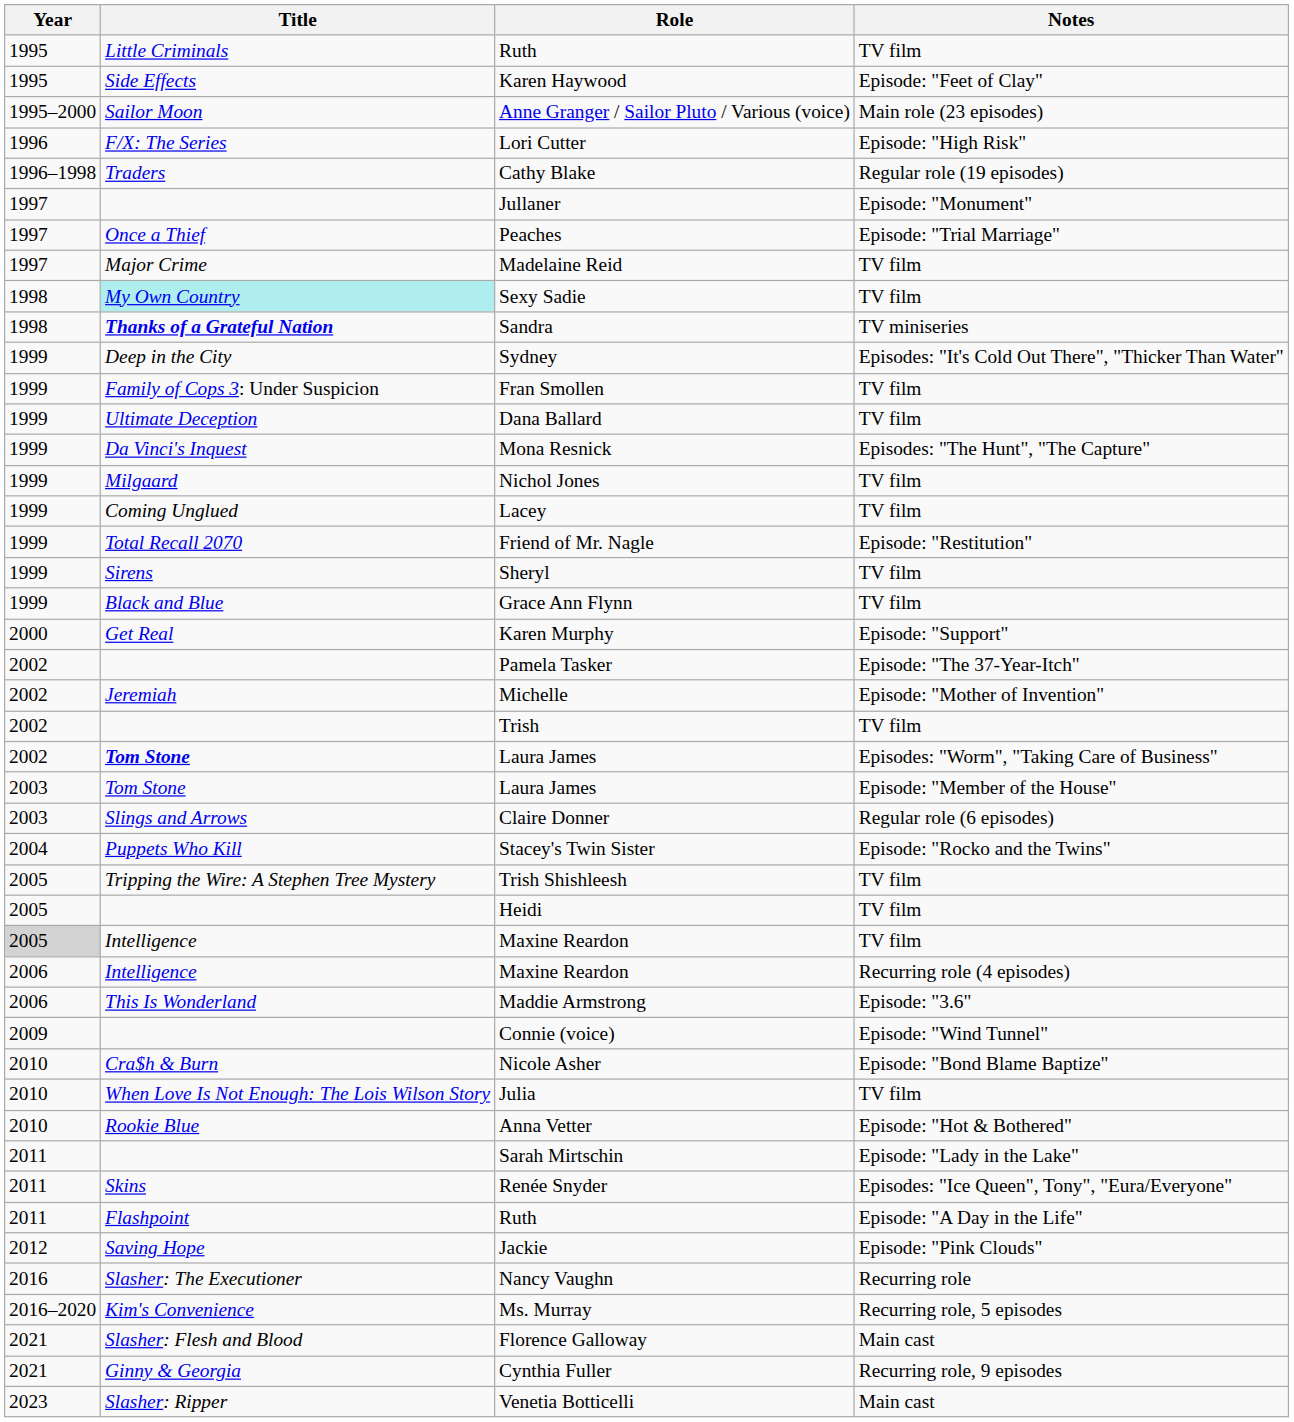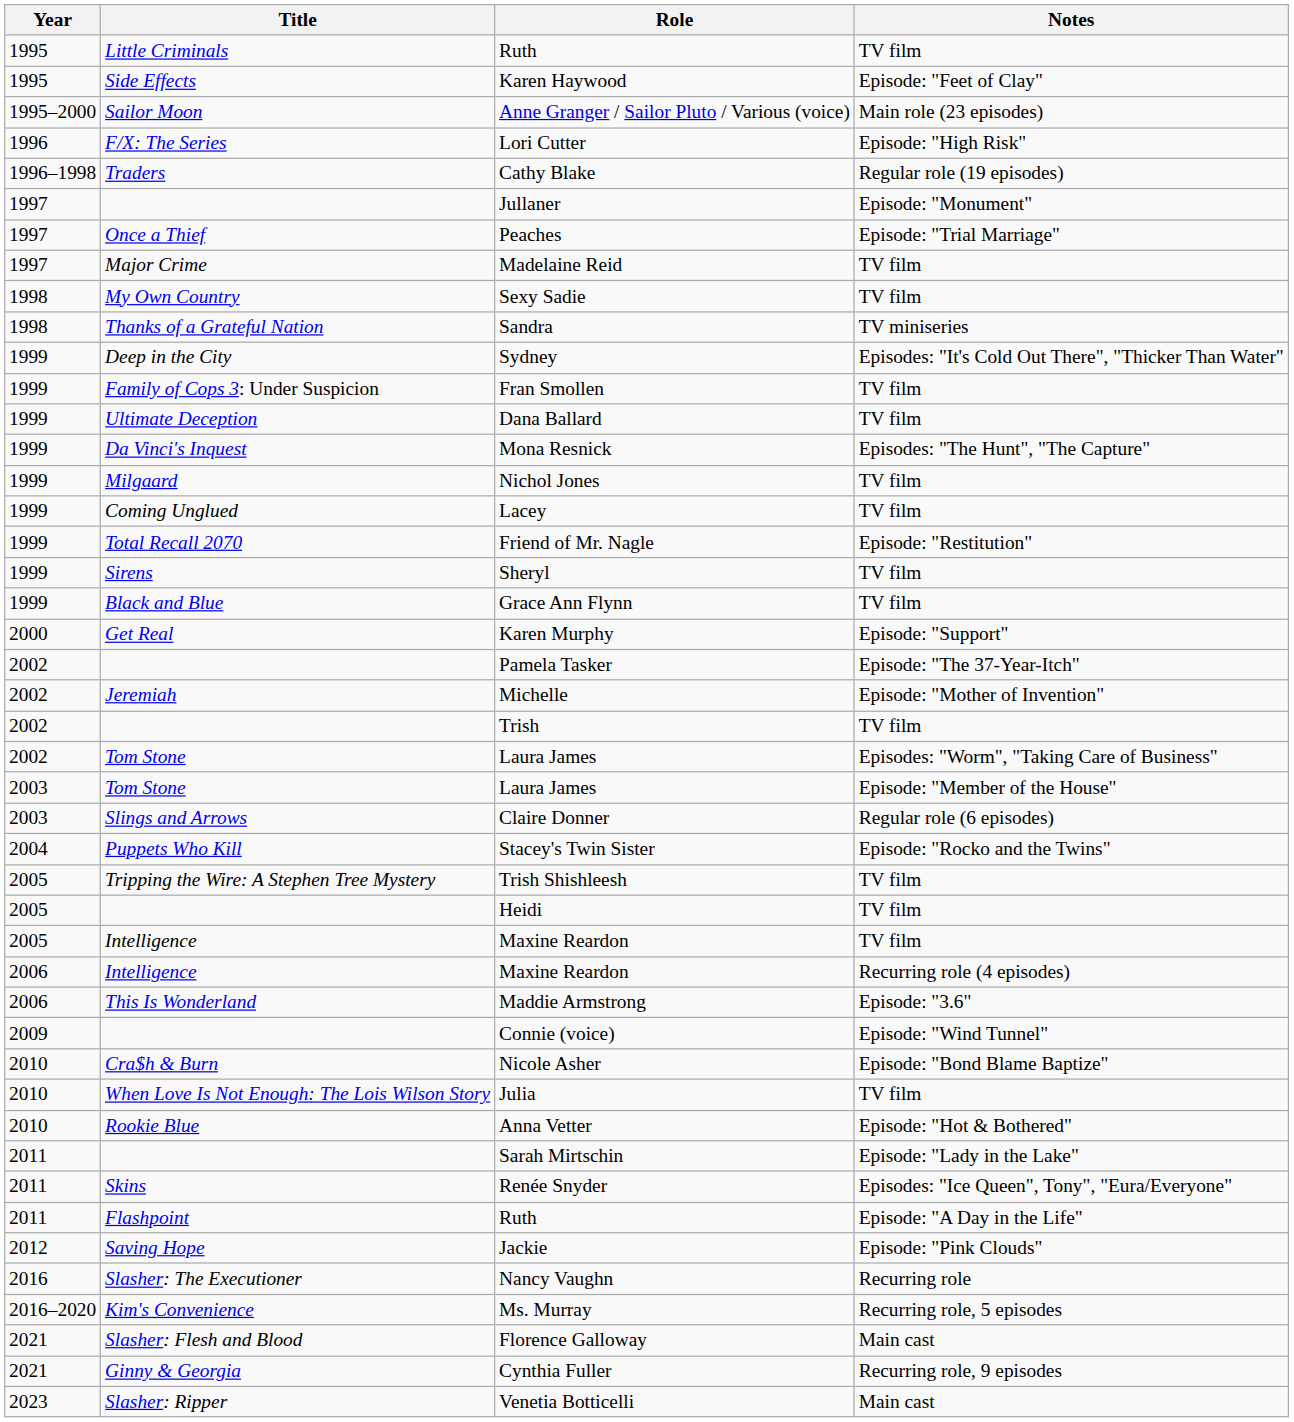 <table class="wikitable sortable">
 <tr>
 <th>Year</th>
 <th>Title</th>
 <th>Role</th>
 <th class="unsortable">Notes</th>
 </tr>
 <tr>
 <td>1995</td>
 <td><em><a href='#'>Little Criminals</a></em></td>
 <td>Ruth</td>
 <td>TV film</td>
 </tr>
 <tr>
 <td>1995</td>
 <td><em><a href='#'>Side Effects</a></em></td>
 <td>Karen Haywood</td>
 <td>Episode: "Feet of Clay"</td>
 </tr>
 <tr>
 <td>1995–2000</td>
 <td><em><a href='#'>Sailor Moon</a></em></td>
 <td><a href='#'>Anne Granger</a> / <a href='#'>Sailor Pluto</a> / Various (voice)</td>
 <td>Main role (23 episodes)</td>
 </tr>
 <tr>
 <td>1996</td>
 <td><em><a href='#'>F/X: The Series</a></em></td>
 <td>Lori Cutter</td>
 <td>Episode: "High Risk"</td>
 </tr>
 <tr>
 <td>1996–1998</td>
 <td><em><a href='#'>Traders</a></em></td>
 <td>Cathy Blake</td>
 <td>Regular role (19 episodes)</td>
 </tr>
 <tr>
 <td>1997</td>
 <td><em></em></td>
 <td>Jullaner</td>
 <td>Episode: "Monument"</td>
 </tr>
 <tr>
 <td>1997</td>
 <td><em><a href='#'>Once a Thief</a></em></td>
 <td>Peaches</td>
 <td>Episode: "Trial Marriage"</td>
 </tr>
 <tr>
 <td>1997</td>
 <td><em>Major Crime</em></td>
 <td>Madelaine Reid</td>
 <td>TV film</td>
 </tr>
 <tr>
 <td>1998</td>
-<td style="background: paleturquoise;"><em><a href='#'>My Own Country</a></em></td>
+<td><em><a href='#'>My Own Country</a></em></td>
 <td>Sexy Sadie</td>
 <td>TV film</td>
 </tr>
 <tr>
 <td>1998</td>
-<td><strong><em><a href='#'>Thanks of a Grateful Nation</a></em></strong></td>
+<td><em><a href='#'>Thanks of a Grateful Nation</a></em></td>
 <td>Sandra</td>
 <td>TV miniseries</td>
 </tr>
 <tr>
 <td>1999</td>
 <td><em>Deep in the City</em></td>
 <td>Sydney</td>
 <td>Episodes: "It's Cold Out There", "Thicker Than Water"</td>
 </tr>
 <tr>
 <td>1999</td>
 <td><em><a href='#'>Family of Cops 3</a></em>: Under Suspicion</td>
 <td>Fran Smollen</td>
 <td>TV film</td>
 </tr>
 <tr>
 <td>1999</td>
 <td><em><a href='#'>Ultimate Deception</a></em></td>
 <td>Dana Ballard</td>
 <td>TV film</td>
 </tr>
 <tr>
 <td>1999</td>
 <td><em><a href='#'>Da Vinci's Inquest</a></em></td>
 <td>Mona Resnick</td>
 <td>Episodes: "The Hunt", "The Capture"</td>
 </tr>
 <tr>
 <td>1999</td>
 <td><em><a href='#'>Milgaard</a></em></td>
 <td>Nichol Jones</td>
 <td>TV film</td>
 </tr>
 <tr>
 <td>1999</td>
 <td><em>Coming Unglued</em></td>
 <td>Lacey</td>
 <td>TV film</td>
 </tr>
 <tr>
 <td>1999</td>
 <td><em><a href='#'>Total Recall 2070</a></em></td>
 <td>Friend of Mr. Nagle</td>
 <td>Episode: "Restitution"</td>
 </tr>
 <tr>
 <td>1999</td>
 <td><em><a href='#'>Sirens</a></em></td>
 <td>Sheryl</td>
 <td>TV film</td>
 </tr>
 <tr>
 <td>1999</td>
 <td><em><a href='#'>Black and Blue</a></em></td>
 <td>Grace Ann Flynn</td>
 <td>TV film</td>
 </tr>
 <tr>
 <td>2000</td>
 <td><em><a href='#'>Get Real</a></em></td>
 <td>Karen Murphy</td>
 <td>Episode: "Support"</td>
 </tr>
 <tr>
 <td>2002</td>
 <td><em></em></td>
 <td>Pamela Tasker</td>
 <td>Episode: "The 37-Year-Itch"</td>
 </tr>
 <tr>
 <td>2002</td>
 <td><em><a href='#'>Jeremiah</a></em></td>
 <td>Michelle</td>
 <td>Episode: "Mother of Invention"</td>
 </tr>
 <tr>
 <td>2002</td>
 <td><em></em></td>
 <td>Trish</td>
 <td>TV film</td>
 </tr>
 <tr>
 <td>2002</td>
-<td><strong><em><a href='#'>Tom Stone</a></em></strong></td>
+<td><em><a href='#'>Tom Stone</a></em></td>
 <td>Laura James</td>
 <td>Episodes: "Worm", "Taking Care of Business"</td>
 </tr>
 <tr>
 <td>2003</td>
 <td><em><a href='#'>Tom Stone</a></em></td>
 <td>Laura James</td>
 <td>Episode: "Member of the House"</td>
 </tr>
 <tr>
 <td>2003</td>
 <td><em><a href='#'>Slings and Arrows</a></em></td>
 <td>Claire Donner</td>
 <td>Regular role (6 episodes)</td>
 </tr>
 <tr>
 <td>2004</td>
 <td><em><a href='#'>Puppets Who Kill</a></em></td>
 <td>Stacey's Twin Sister</td>
 <td>Episode: "Rocko and the Twins"</td>
 </tr>
 <tr>
 <td>2005</td>
 <td><em>Tripping the Wire: A Stephen Tree Mystery</em></td>
 <td>Trish Shishleesh</td>
 <td>TV film</td>
 </tr>
 <tr>
 <td>2005</td>
 <td><em></em></td>
 <td>Heidi</td>
 <td>TV film</td>
 </tr>
 <tr>
-<td style="background: lightgrey;">2005</td>
+<td>2005</td>
 <td><em>Intelligence</em></td>
 <td>Maxine Reardon</td>
 <td>TV film</td>
 </tr>
 <tr>
 <td>2006</td>
 <td><em><a href='#'>Intelligence</a></em></td>
 <td>Maxine Reardon</td>
 <td>Recurring role (4 episodes)</td>
 </tr>
 <tr>
 <td>2006</td>
 <td><em><a href='#'>This Is Wonderland</a></em></td>
 <td>Maddie Armstrong</td>
 <td>Episode: "3.6"</td>
 </tr>
 <tr>
 <td>2009</td>
 <td><em></em></td>
 <td>Connie (voice)</td>
 <td>Episode: "Wind Tunnel"</td>
 </tr>
 <tr>
 <td>2010</td>
 <td><em><a href='#'>Cra$h & Burn</a></em></td>
 <td>Nicole Asher</td>
 <td>Episode: "Bond Blame Baptize"</td>
 </tr>
 <tr>
 <td>2010</td>
 <td><em><a href='#'>When Love Is Not Enough: The Lois Wilson Story</a></em></td>
 <td>Julia</td>
 <td>TV film</td>
 </tr>
 <tr>
 <td>2010</td>
 <td><em><a href='#'>Rookie Blue</a></em></td>
 <td>Anna Vetter</td>
 <td>Episode: "Hot & Bothered"</td>
 </tr>
 <tr>
 <td>2011</td>
 <td><em></em></td>
 <td>Sarah Mirtschin</td>
 <td>Episode: "Lady in the Lake"</td>
 </tr>
 <tr>
 <td>2011</td>
 <td><em><a href='#'>Skins</a></em></td>
 <td>Renée Snyder</td>
 <td>Episodes: "Ice Queen", Tony", "Eura/Everyone"</td>
 </tr>
 <tr>
 <td>2011</td>
 <td><em><a href='#'>Flashpoint</a></em></td>
 <td>Ruth</td>
 <td>Episode: "A Day in the Life"</td>
 </tr>
 <tr>
 <td>2012</td>
 <td><em><a href='#'>Saving Hope</a></em></td>
 <td>Jackie</td>
 <td>Episode: "Pink Clouds"</td>
 </tr>
 <tr>
 <td>2016</td>
 <td><em><a href='#'>Slasher</a>: The Executioner</em></td>
 <td>Nancy Vaughn</td>
 <td>Recurring role</td>
 </tr>
 <tr>
 <td>2016–2020</td>
 <td><em><a href='#'>Kim's Convenience</a></em></td>
 <td>Ms. Murray</td>
 <td>Recurring role, 5 episodes</td>
 </tr>
 <tr>
 <td>2021</td>
 <td><em><a href='#'>Slasher</a>: Flesh and Blood</em></td>
 <td>Florence Galloway</td>
 <td>Main cast</td>
 </tr>
 <tr>
 <td>2021</td>
 <td><em><a href='#'>Ginny & Georgia</a></em></td>
 <td>Cynthia Fuller</td>
 <td>Recurring role, 9 episodes</td>
 </tr>
 <tr>
 <td>2023</td>
 <td><em><a href='#'>Slasher</a>: Ripper</em></td>
 <td>Venetia Botticelli</td>
 <td>Main cast</td>
 </tr>
 </table>
